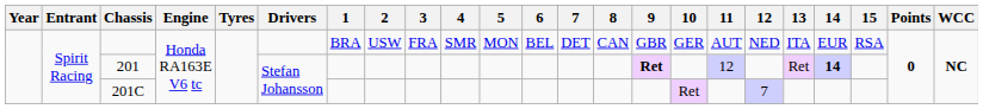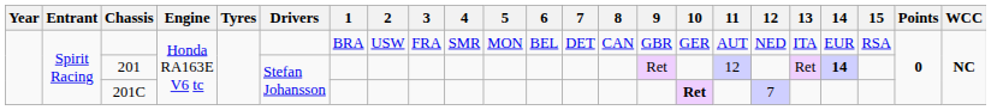 <table class="wikitable" style="text-align:center; font-size:95%">
 <tr>
 <th>Year</th>
 <th>Entrant</th>
 <th>Chassis</th>
 <th>Engine</th>
 <th>Tyres</th>
 <th>Drivers</th>
 <th>1</th>
 <th>2</th>
 <th>3</th>
 <th>4</th>
 <th>5</th>
 <th>6</th>
 <th>7</th>
 <th>8</th>
 <th>9</th>
 <th>10</th>
 <th>11</th>
 <th>12</th>
 <th>13</th>
 <th>14</th>
 <th>15</th>
 <th>Points</th>
 <th>WCC</th>
 </tr>
 <tr>
 <td rowspan="3"></td>
 <td rowspan="3"><a href='#'>Spirit Racing</a></td>
 <td></td>
 <td rowspan="3"><a href='#'>Honda</a> RA163E<br><a href='#'>V6</a> <a href='#'>tc</a></td>
 <td rowspan="3"></td>
 <td></td>
 <td><a href='#'>BRA</a></td>
 <td><a href='#'>USW</a></td>
 <td><a href='#'>FRA</a></td>
 <td><a href='#'>SMR</a></td>
 <td><a href='#'>MON</a></td>
 <td><a href='#'>BEL</a></td>
 <td><a href='#'>DET</a></td>
 <td><a href='#'>CAN</a></td>
 <td><a href='#'>GBR</a></td>
 <td><a href='#'>GER</a></td>
 <td><a href='#'>AUT</a></td>
 <td><a href='#'>NED</a></td>
 <td><a href='#'>ITA</a></td>
 <td><a href='#'>EUR</a></td>
 <td><a href='#'>RSA</a></td>
 <td rowspan="3"><strong>0</strong></td>
 <td rowspan="3"><strong>NC</strong></td>
 </tr>
 <tr>
 <td>201</td>
 <td align="left" rowspan="2"><a href='#'>Stefan Johansson</a></td>
 <td></td>
 <td></td>
 <td></td>
 <td></td>
 <td></td>
 <td></td>
 <td></td>
 <td></td>
-<td style="background:#efcfff;"><strong>Ret</strong></td>
+<td style="background:#efcfff;">Ret</td>
 <td></td>
 <td style="background:#cfcfff;">12</td>
 <td></td>
 <td style="background:#efcfff;">Ret</td>
 <td style="background:#cfcfff;"><strong>14</strong></td>
 <td></td>
 </tr>
 <tr>
 <td>201C</td>
 <td></td>
 <td></td>
 <td></td>
 <td></td>
 <td></td>
 <td></td>
 <td></td>
 <td></td>
 <td></td>
-<td style="background:#efcfff;">Ret</td>
+<td style="background:#efcfff;"><strong>Ret</strong></td>
 <td></td>
 <td style="background:#cfcfff;">7</td>
 <td></td>
 <td></td>
 <td></td>
 </tr>
 </table>
